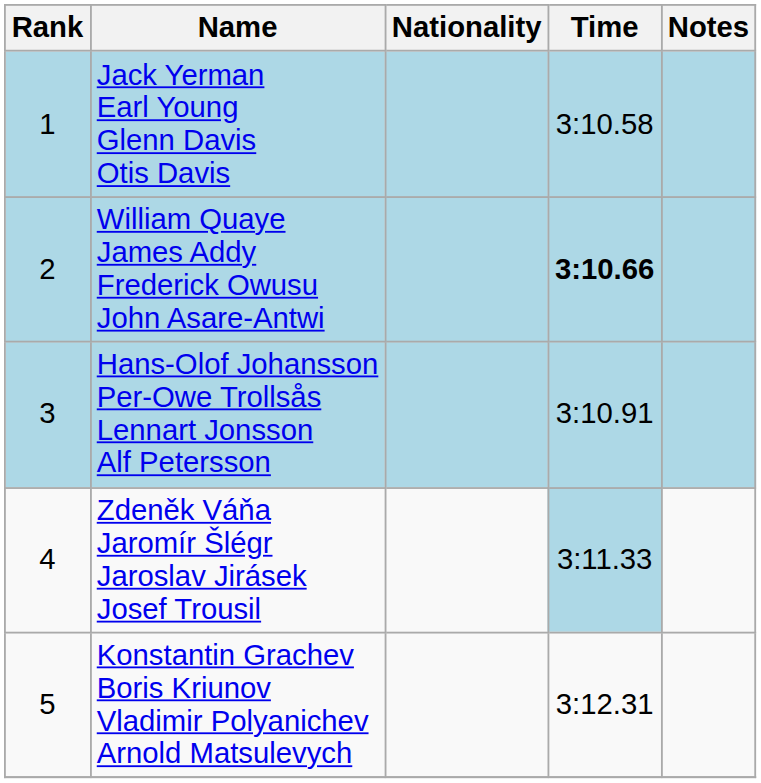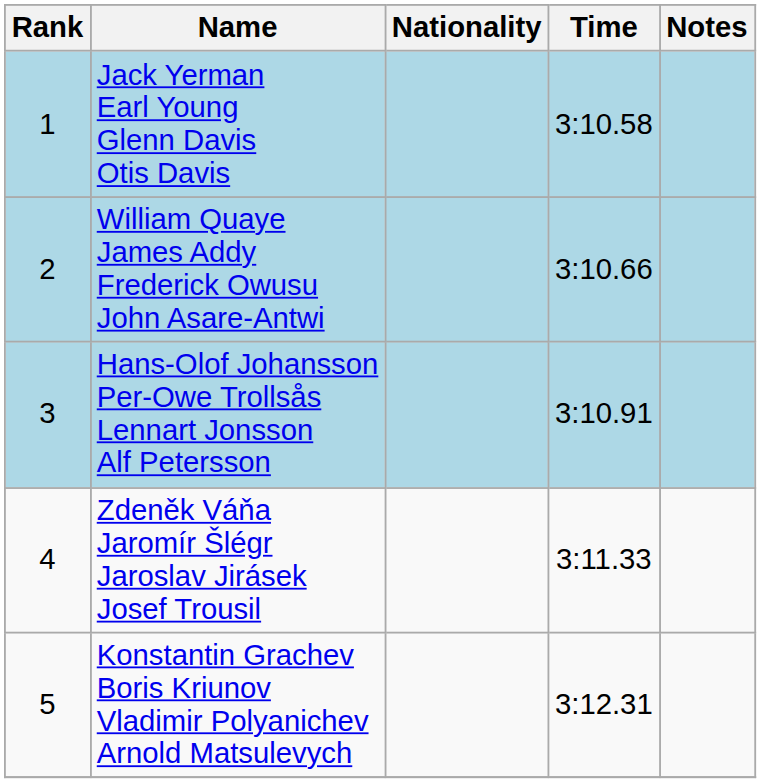 <table class="wikitable sortable" style="text-align:center">
 <tr>
 <th>Rank</th>
 <th>Name</th>
 <th>Nationality</th>
 <th>Time</th>
 <th>Notes</th>
 </tr>
 <tr bgcolor=lightblue>
 <td>1</td>
 <td align=left><a href='#'>Jack Yerman</a><br><a href='#'>Earl Young</a><br><a href='#'>Glenn Davis</a><br><a href='#'>Otis Davis</a></td>
 <td align=left></td>
 <td>3:10.58</td>
 <td></td>
 </tr>
 <tr bgcolor=lightblue>
 <td>2</td>
 <td align=left><a href='#'>William Quaye</a><br><a href='#'>James Addy</a><br><a href='#'>Frederick Owusu</a><br><a href='#'>John Asare-Antwi</a></td>
 <td align=left></td>
-<td><strong>3:10.66</strong></td>
+<td>3:10.66</td>
 <td></td>
 </tr>
 <tr bgcolor=lightblue>
 <td>3</td>
 <td align=left><a href='#'>Hans-Olof Johansson</a><br><a href='#'>Per-Owe Trollsås</a><br><a href='#'>Lennart Jonsson</a><br><a href='#'>Alf Petersson</a></td>
 <td align=left></td>
 <td>3:10.91</td>
 <td></td>
 </tr>
 <tr>
 <td>4</td>
 <td align=left><a href='#'>Zdeněk Váňa</a><br><a href='#'>Jaromír Šlégr</a><br><a href='#'>Jaroslav Jirásek</a><br><a href='#'>Josef Trousil</a></td>
 <td align=left></td>
-<td style="background: lightblue;">3:11.33</td>
+<td>3:11.33</td>
 <td></td>
 </tr>
 <tr>
 <td>5</td>
 <td align=left><a href='#'>Konstantin Grachev</a><br><a href='#'>Boris Kriunov</a><br><a href='#'>Vladimir Polyanichev</a><br><a href='#'>Arnold Matsulevych</a></td>
 <td align=left></td>
 <td>3:12.31</td>
 <td></td>
 </tr>
 <tr>
 </tr>
 </table>
